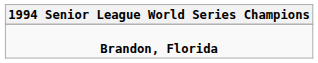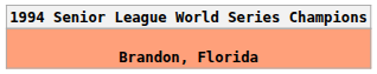 <table class="wikitable" style="text-align: center; margin: 0 auto;">
 <tr>
 <th>1994 Senior League World Series Champions</th>
 </tr>
 <tr>
 </tr>
 <tr>
-<td><br><strong>Brandon, Florida</strong></td>
+<td style="background: lightsalmon;"><br><strong>Brandon, Florida</strong></td>
 </tr>
 </table>
